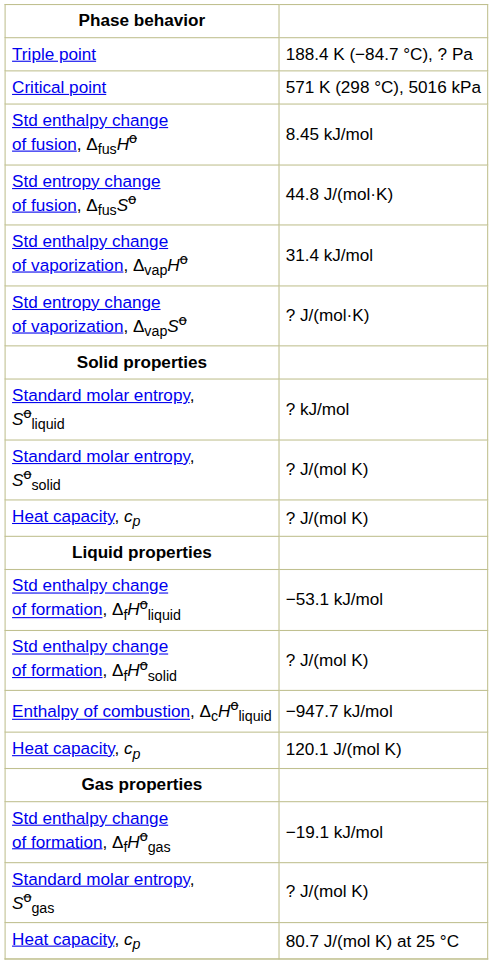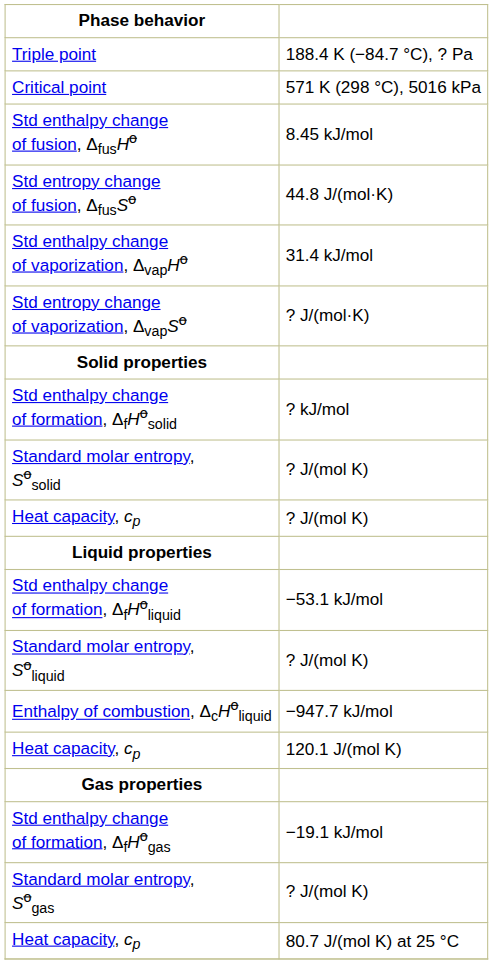 <table border="1" cellspacing="0" cellpadding="6" style="margin: 0 0 0 0.5em; background: #FFFFFF; border-collapse: collapse; border-color: #C0C090;">
 <tr>
 <th>Phase behavior</th>
 </tr>
 <tr>
 <td><a href='#'>Triple point</a></td>
 <td>188.4 K (−84.7 °C), ? Pa</td>
 </tr>
 <tr>
 <td><a href='#'>Critical point</a></td>
 <td>571 K (298 °C), 5016 kPa</td>
 </tr>
 <tr>
 <td><a href='#'>Std enthalpy change<br>of fusion</a>, Δ<sub>fus</sub><em>H</em><sup><s>o</s></sup></td>
 <td>8.45 kJ/mol</td>
 </tr>
 <tr>
 <td><a href='#'>Std entropy change<br>of fusion</a>, Δ<sub>fus</sub><em>S</em><sup><s>o</s></sup></td>
 <td>44.8 J/(mol·K)</td>
 </tr>
 <tr>
 <td><a href='#'>Std enthalpy change<br>of vaporization</a>, Δ<sub>vap</sub><em>H</em><sup><s>o</s></sup></td>
 <td>31.4 kJ/mol</td>
 </tr>
 <tr>
 <td><a href='#'>Std entropy change<br>of vaporization</a>, Δ<sub>vap</sub><em>S</em><sup><s>o</s></sup></td>
 <td>? J/(mol·K)</td>
 </tr>
 <tr>
 <th>Solid properties</th>
 </tr>
 <tr>
-<td><a href='#'>Standard molar entropy</a>,<br><em>S</em><sup><s>o</s></sup><sub>liquid</sub></td>
+<td><a href='#'>Std enthalpy change<br>of formation</a>, Δ<sub>f</sub><em>H</em><sup><s>o</s></sup><sub>solid</sub></td>
 <td>? kJ/mol</td>
 </tr>
 <tr>
 <td><a href='#'>Standard molar entropy</a>,<br><em>S</em><sup><s>o</s></sup><sub>solid</sub></td>
 <td>? J/(mol K)</td>
 </tr>
 <tr>
 <td><a href='#'>Heat capacity</a>, <em>c<sub>p</sub></em></td>
 <td>? J/(mol K)</td>
 </tr>
 <tr>
 <th>Liquid properties</th>
 </tr>
 <tr>
 <td><a href='#'>Std enthalpy change<br>of formation</a>, Δ<sub>f</sub><em>H</em><sup><s>o</s></sup><sub>liquid</sub></td>
 <td>−53.1 kJ/mol</td>
 </tr>
 <tr>
-<td><a href='#'>Std enthalpy change<br>of formation</a>, Δ<sub>f</sub><em>H</em><sup><s>o</s></sup><sub>solid</sub></td>
+<td><a href='#'>Standard molar entropy</a>,<br><em>S</em><sup><s>o</s></sup><sub>liquid</sub></td>
 <td>? J/(mol K)</td>
 </tr>
 <tr>
 <td><a href='#'>Enthalpy of combustion</a>, Δ<sub>c</sub><em>H</em><sup><s>o</s></sup><sub>liquid</sub></td>
 <td>−947.7 kJ/mol</td>
 </tr>
 <tr>
 <td><a href='#'>Heat capacity</a>, <em>c<sub>p</sub></em></td>
 <td>120.1 J/(mol K)</td>
 </tr>
 <tr>
 <th>Gas properties</th>
 </tr>
 <tr>
 <td><a href='#'>Std enthalpy change<br>of formation</a>, Δ<sub>f</sub><em>H</em><sup><s>o</s></sup><sub>gas</sub></td>
 <td>−19.1 kJ/mol</td>
 </tr>
 <tr>
 <td><a href='#'>Standard molar entropy</a>,<br><em>S</em><sup><s>o</s></sup><sub>gas</sub></td>
 <td>? J/(mol K)</td>
 </tr>
 <tr>
 <td><a href='#'>Heat capacity</a>, <em>c<sub>p</sub></em></td>
 <td>80.7 J/(mol K) at 25 °C</td>
 </tr>
 <tr>
 </tr>
 </table>
